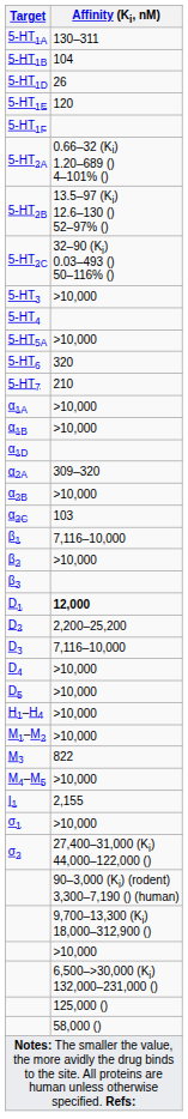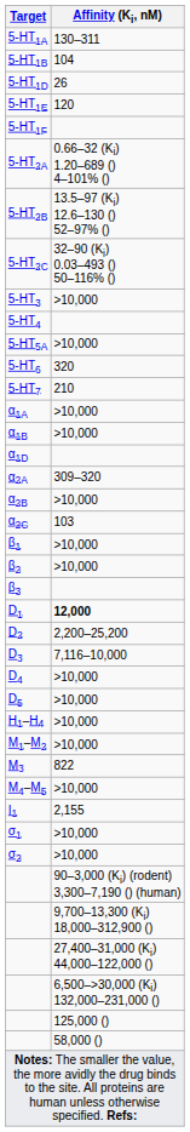 <table class="wikitable floatright" style="font-size:small;">
 <tr>
 <th><a href='#'>Target</a></th>
 <th><a href='#'>Affinity</a> (K<sub>i</sub>, nM)</th>
 </tr>
 <tr>
 <td><a href='#'>5-HT<sub>1A</sub></a></td>
 <td>130–311</td>
 </tr>
 <tr>
 <td><a href='#'>5-HT<sub>1B</sub></a></td>
 <td>104</td>
 </tr>
 <tr>
 <td><a href='#'>5-HT<sub>1D</sub></a></td>
 <td>26</td>
 </tr>
 <tr>
 <td><a href='#'>5-HT<sub>1E</sub></a></td>
 <td>120</td>
 </tr>
 <tr>
 <td><a href='#'>5-HT<sub>1F</sub></a></td>
 <td></td>
 </tr>
 <tr>
 <td><a href='#'>5-HT<sub>2A</sub></a></td>
 <td>0.66–32 (K<sub>i</sub>)<br>1.20–689 ()<br>4–101% ()</td>
 </tr>
 <tr>
 <td><a href='#'>5-HT<sub>2B</sub></a></td>
 <td>13.5–97 (K<sub>i</sub>)<br>12.6–130 ()<br>52–97% ()</td>
 </tr>
 <tr>
 <td><a href='#'>5-HT<sub>2C</sub></a></td>
 <td>32–90 (K<sub>i</sub>)<br>0.03–493 ()<br>50–116% ()</td>
 </tr>
 <tr>
 <td><a href='#'>5-HT<sub>3</sub></a></td>
 <td>>10,000</td>
 </tr>
 <tr>
 <td><a href='#'>5-HT<sub>4</sub></a></td>
 <td></td>
 </tr>
 <tr>
 <td><a href='#'>5-HT<sub>5A</sub></a></td>
 <td>>10,000</td>
 </tr>
 <tr>
 <td><a href='#'>5-HT<sub>6</sub></a></td>
 <td>320</td>
 </tr>
 <tr>
 <td><a href='#'>5-HT<sub>7</sub></a></td>
 <td>210</td>
 </tr>
 <tr>
 <td><a href='#'>α<sub>1A</sub></a></td>
 <td>>10,000</td>
 </tr>
 <tr>
 <td><a href='#'>α<sub>1B</sub></a></td>
 <td>>10,000</td>
 </tr>
 <tr>
 <td><a href='#'>α<sub>1D</sub></a></td>
 <td></td>
 </tr>
 <tr>
 <td><a href='#'>α<sub>2A</sub></a></td>
 <td>309–320</td>
 </tr>
 <tr>
 <td><a href='#'>α<sub>2B</sub></a></td>
 <td>>10,000</td>
 </tr>
 <tr>
 <td><a href='#'>α<sub>2C</sub></a></td>
 <td>103</td>
 </tr>
 <tr>
 <td><a href='#'>β<sub>1</sub></a></td>
-<td>7,116–10,000</td>
+<td>>10,000</td>
 </tr>
 <tr>
 <td><a href='#'>β<sub>2</sub></a></td>
 <td>>10,000</td>
 </tr>
 <tr>
 <td><a href='#'>β<sub>3</sub></a></td>
 <td></td>
 </tr>
 <tr>
 <td><a href='#'>D<sub>1</sub></a></td>
 <td><strong>12,000</strong></td>
 </tr>
 <tr>
 <td><a href='#'>D<sub>2</sub></a></td>
 <td>2,200–25,200</td>
 </tr>
 <tr>
 <td><a href='#'>D<sub>3</sub></a></td>
 <td>7,116–10,000</td>
 </tr>
 <tr>
 <td><a href='#'>D<sub>4</sub></a></td>
 <td>>10,000</td>
 </tr>
 <tr>
 <td><a href='#'>D<sub>5</sub></a></td>
 <td>>10,000</td>
 </tr>
 <tr>
 <td><a href='#'>H<sub>1</sub></a>–<a href='#'>H<sub>4</sub></a></td>
 <td>>10,000</td>
 </tr>
 <tr>
 <td><a href='#'>M<sub>1</sub></a>–<a href='#'>M<sub>2</sub></a></td>
 <td>>10,000</td>
 </tr>
 <tr>
 <td><a href='#'>M<sub>3</sub></a></td>
 <td>822</td>
 </tr>
 <tr>
 <td><a href='#'>M<sub>4</sub></a>–<a href='#'>M<sub>5</sub></a></td>
 <td>>10,000</td>
 </tr>
 <tr>
 <td><a href='#'>I<sub>1</sub></a></td>
 <td>2,155</td>
 </tr>
 <tr>
 <td><a href='#'>σ<sub>1</sub></a></td>
 <td>>10,000</td>
 </tr>
 <tr>
 <td><a href='#'>σ<sub>2</sub></a></td>
-<td>27,400–31,000 (K<sub>i</sub>)<br>44,000–122,000 ()</td>
+<td>>10,000</td>
 </tr>
 <tr>
 <td></td>
 <td>90–3,000 (K<sub>i</sub>) (rodent)<br>3,300–7,190 () (human)</td>
 </tr>
 <tr>
 <td></td>
 <td>9,700–13,300 (K<sub>i</sub>)<br>18,000–312,900 ()</td>
 </tr>
 <tr>
 <td></td>
-<td>>10,000</td>
+<td>27,400–31,000 (K<sub>i</sub>)<br>44,000–122,000 ()</td>
 </tr>
 <tr>
 <td></td>
 <td>6,500–>30,000 (K<sub>i</sub>)<br>132,000–231,000 ()</td>
 </tr>
 <tr>
 <td></td>
 <td>125,000 ()</td>
 </tr>
 <tr>
 <td></td>
 <td>58,000 ()</td>
 </tr>
 <tr class="sortbottom">
 <td colspan="2" style="width: 1px; background-color:#eaecf0; text-align: center;"><strong>Notes:</strong> The smaller the value, the more avidly the drug binds to the site. All proteins are human unless otherwise specified. <strong>Refs:</strong> <br></td>
 </tr>
 </table>
